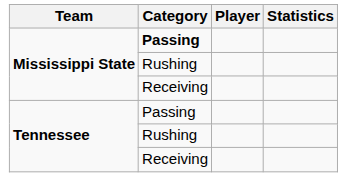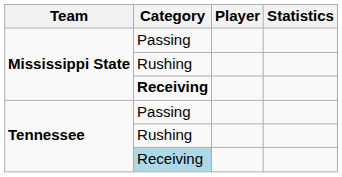 <table class="wikitable" style="float: right;">
 <tr>
 <th>Team</th>
 <th>Category</th>
 <th>Player</th>
 <th>Statistics</th>
 </tr>
 <tr>
 <td rowspan=3><strong>Mississippi State</strong></td>
-<td><strong>Passing</strong></td>
+<td>Passing</td>
 <td></td>
 <td></td>
 </tr>
 <tr>
 <td>Rushing</td>
 <td></td>
 <td></td>
 </tr>
 <tr>
-<td>Receiving</td>
+<td><strong>Receiving</strong></td>
 <td></td>
 <td></td>
 </tr>
 <tr>
 <td rowspan=3><strong>Tennessee</strong></td>
 <td>Passing</td>
 <td></td>
 <td></td>
 </tr>
 <tr>
 <td>Rushing</td>
 <td></td>
 <td></td>
 </tr>
 <tr>
-<td>Receiving</td>
+<td style="background: lightblue;">Receiving</td>
 <td></td>
 <td></td>
 </tr>
 </table>
